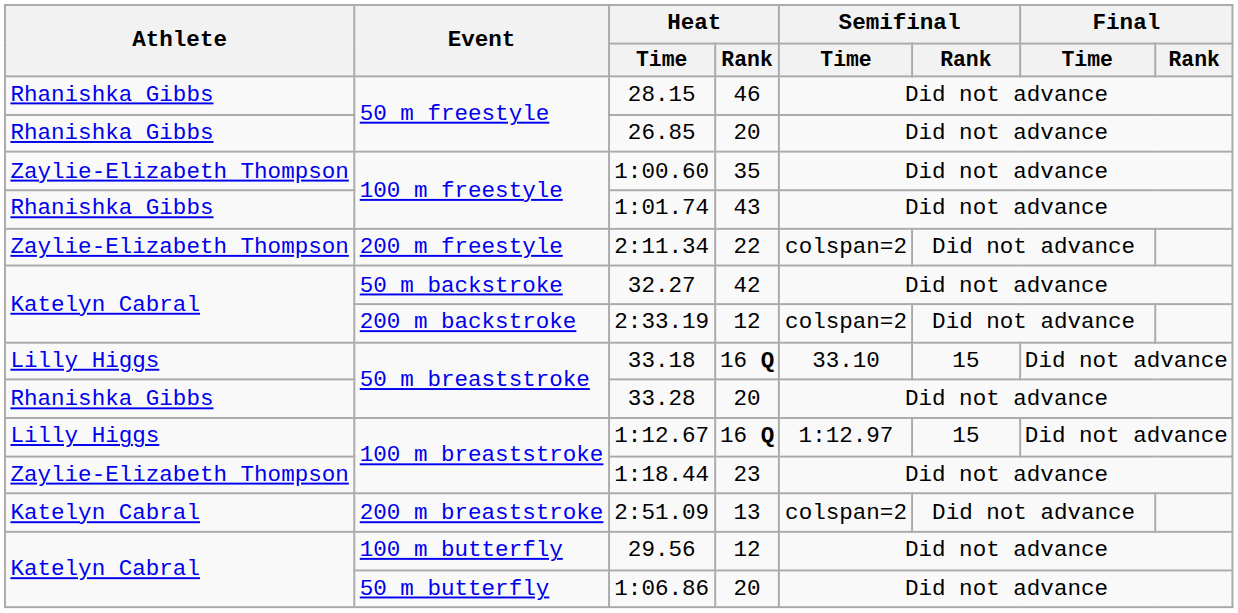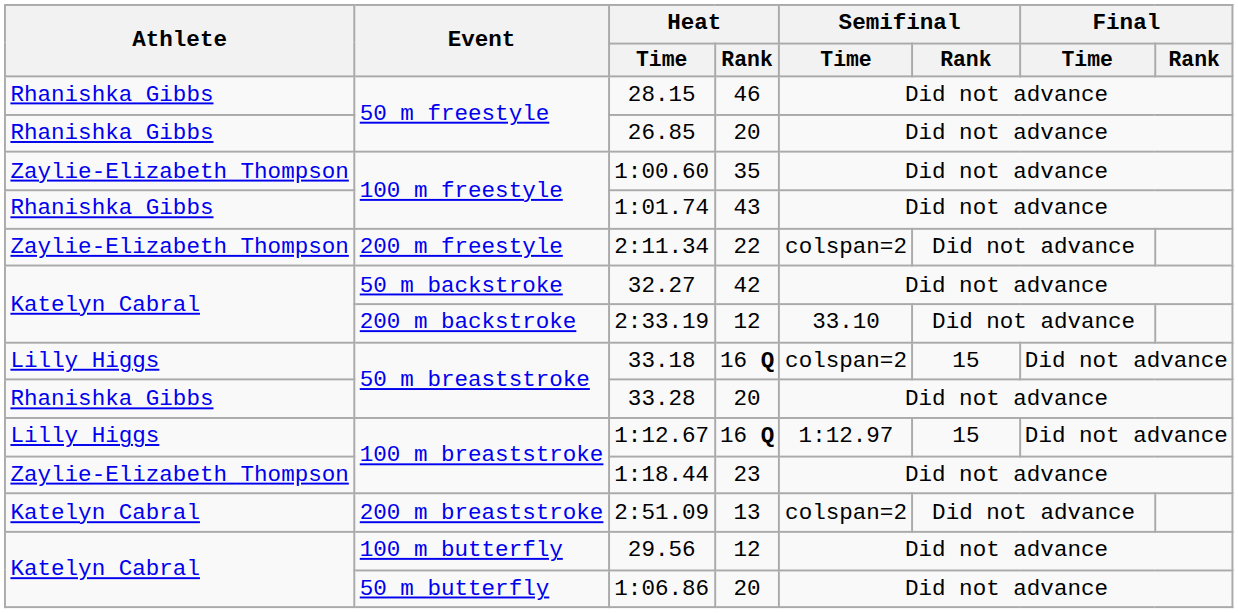 <table class=wikitable style=font-size:90%>
 <tr>
 <th rowspan=2>Athlete</th>
 <th rowspan=2>Event</th>
 <th colspan=2>Heat</th>
 <th colspan=2>Semifinal</th>
 <th colspan=2>Final</th>
 </tr>
 <tr style=font-size:95%>
 <th>Time</th>
 <th>Rank</th>
 <th>Time</th>
 <th>Rank</th>
 <th>Time</th>
 <th>Rank</th>
 </tr>
 <tr align=center>
 <td align=left><a href='#'>Rhanishka Gibbs</a></td>
 <td align=left rowspan=2><a href='#'>50 m freestyle</a></td>
 <td>28.15</td>
 <td>46</td>
 <td colspan=4>Did not advance</td>
 </tr>
 <tr align=center>
 <td align=left><a href='#'>Rhanishka Gibbs</a></td>
 <td>26.85</td>
 <td>20</td>
 <td colspan=4>Did not advance</td>
 </tr>
 <tr align=center>
 <td align=left><a href='#'>Zaylie-Elizabeth Thompson</a></td>
 <td align=left rowspan=2><a href='#'>100 m freestyle</a></td>
 <td>1:00.60</td>
 <td>35</td>
 <td colspan=4>Did not advance</td>
 </tr>
 <tr align=center>
 <td align=left><a href='#'>Rhanishka Gibbs</a></td>
 <td>1:01.74</td>
 <td>43</td>
 <td colspan=4>Did not advance</td>
 </tr>
 <tr align=center>
 <td align=left><a href='#'>Zaylie-Elizabeth Thompson</a></td>
 <td align=left><a href='#'>200 m freestyle</a></td>
 <td>2:11.34</td>
 <td>22</td>
 <td>colspan=2 </td>
 <td colspan=2>Did not advance</td>
 </tr>
 <tr align=center>
 <td align=left rowspan=2><a href='#'>Katelyn Cabral</a></td>
 <td align=left><a href='#'>50 m backstroke</a></td>
 <td>32.27</td>
 <td>42</td>
 <td colspan=4>Did not advance</td>
 </tr>
 <tr align=center>
 <td align=left><a href='#'>200 m backstroke</a></td>
 <td>2:33.19</td>
 <td>12</td>
-<td>colspan=2 </td>
+<td>33.10</td>
 <td colspan=2>Did not advance</td>
 </tr>
 <tr align=center>
 <td align=left><a href='#'>Lilly Higgs</a></td>
 <td align=left rowspan=2><a href='#'>50 m breaststroke</a></td>
 <td>33.18</td>
 <td>16 <strong>Q</strong></td>
-<td>33.10</td>
+<td>colspan=2 </td>
 <td>15</td>
 <td colspan=2>Did not advance</td>
 </tr>
 <tr align=center>
 <td align=left><a href='#'>Rhanishka Gibbs</a></td>
 <td>33.28</td>
 <td>20</td>
 <td colspan=4>Did not advance</td>
 </tr>
 <tr align=center>
 <td align=left><a href='#'>Lilly Higgs</a></td>
 <td align=left rowspan=2><a href='#'>100 m breaststroke</a></td>
 <td>1:12.67</td>
 <td>16 <strong>Q</strong></td>
 <td>1:12.97</td>
 <td>15</td>
 <td colspan=2>Did not advance</td>
 </tr>
 <tr align=center>
 <td align=left><a href='#'>Zaylie-Elizabeth Thompson</a></td>
 <td>1:18.44</td>
 <td>23</td>
 <td colspan=4>Did not advance</td>
 </tr>
 <tr align=center>
 <td align=left><a href='#'>Katelyn Cabral</a></td>
 <td align=left rowspan=1><a href='#'>200 m breaststroke</a></td>
 <td>2:51.09</td>
 <td>13</td>
 <td>colspan=2 </td>
 <td colspan=2>Did not advance</td>
 </tr>
 <tr align=center>
 <td align=left rowspan=2><a href='#'>Katelyn Cabral</a></td>
 <td align=left><a href='#'>100 m butterfly</a></td>
 <td>29.56</td>
 <td>12</td>
 <td colspan=4>Did not advance</td>
 </tr>
 <tr align=center>
 <td align=left><a href='#'>50 m butterfly</a></td>
 <td>1:06.86</td>
 <td>20</td>
 <td colspan=4>Did not advance</td>
 </tr>
 </table>
